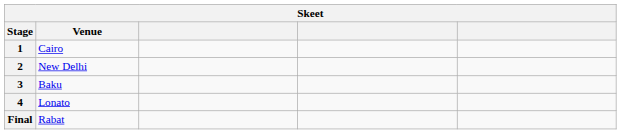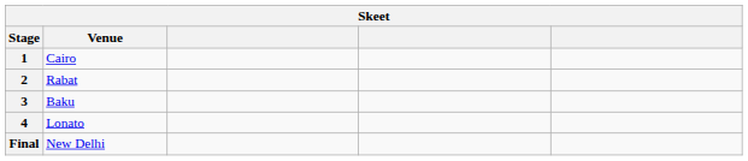 <table class="wikitable">
 <tr>
 <th colspan="5">Skeet</th>
 </tr>
 <tr>
 <th>Stage</th>
 <th width=140>Venue</th>
 <th width=220></th>
 <th width=220></th>
 <th width=220></th>
 </tr>
 <tr>
 <th>1</th>
 <td> <a href='#'>Cairo</a></td>
 <td></td>
 <td></td>
 <td></td>
 </tr>
 <tr>
 <th>2</th>
-<td> <a href='#'>New Delhi</a></td>
+<td> <a href='#'>Rabat</a></td>
 <td></td>
 <td></td>
 <td></td>
 </tr>
 <tr>
 <th>3</th>
 <td> <a href='#'>Baku</a></td>
 <td></td>
 <td></td>
 <td></td>
 </tr>
 <tr>
 <th>4</th>
 <td> <a href='#'>Lonato</a></td>
 <td></td>
 <td></td>
 <td></td>
 </tr>
 <tr>
 <th>Final</th>
-<td> <a href='#'>Rabat</a></td>
+<td> <a href='#'>New Delhi</a></td>
 <td></td>
 <td></td>
 <td></td>
 </tr>
 </table>
